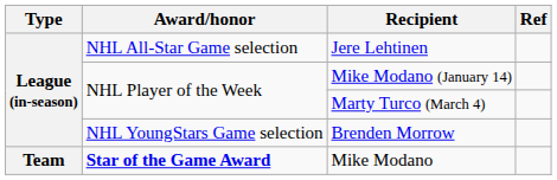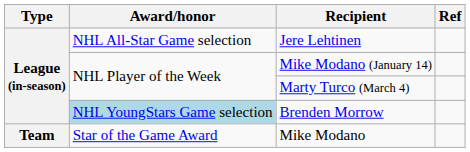 <table class="wikitable">
 <tr>
 <th scope="col">Type</th>
 <th scope="col">Award/honor</th>
 <th scope="col">Recipient</th>
 <th scope="col">Ref</th>
 </tr>
 <tr>
 <th scope="row" rowspan="4">League<br><small>(in-season)</small></th>
 <td><a href='#'>NHL All-Star Game</a> selection</td>
 <td><a href='#'>Jere Lehtinen</a></td>
 <td></td>
 </tr>
 <tr>
 <td rowspan="2">NHL Player of the Week</td>
 <td><a href='#'>Mike Modano</a> <small>(January 14)</small></td>
 <td></td>
 </tr>
 <tr>
 <td><a href='#'>Marty Turco</a> <small>(March 4)</small></td>
 <td></td>
 </tr>
 <tr>
-<td><a href='#'>NHL YoungStars Game</a> selection</td>
+<td style="background: lightblue;"><a href='#'>NHL YoungStars Game</a> selection</td>
 <td><a href='#'>Brenden Morrow</a></td>
 <td></td>
 </tr>
 <tr>
 <th scope="row" rowspan="2">Team</th>
-<td><strong><a href='#'>Star of the Game Award</a></strong></td>
+<td><a href='#'>Star of the Game Award</a></td>
 <td>Mike Modano</td>
 <td></td>
 </tr>
 </table>
